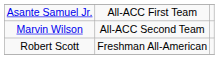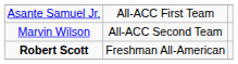 <table class="wikitable sortable sortable" style="text-align: center">
 <tr align=center>
 </tr>
 <tr>
 <td><a href='#'>Asante Samuel Jr.</a></td>
 <td>All-ACC First Team</td>
 <td></td>
 </tr>
 <tr>
 <td><a href='#'>Marvin Wilson</a></td>
 <td>All-ACC Second Team</td>
 <td></td>
 </tr>
 <tr>
-<td>Robert Scott</td>
+<td><strong>Robert Scott</strong></td>
 <td>Freshman All-American</td>
 <td></td>
 </tr>
 <tr>
 </tr>
 </table>
